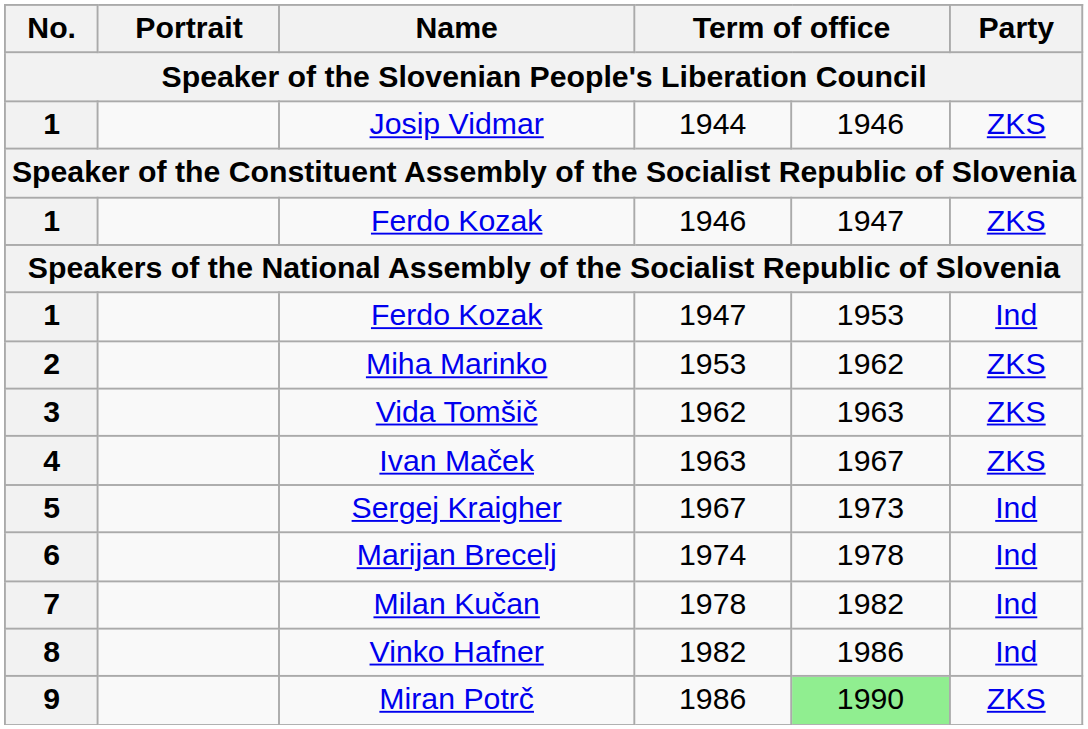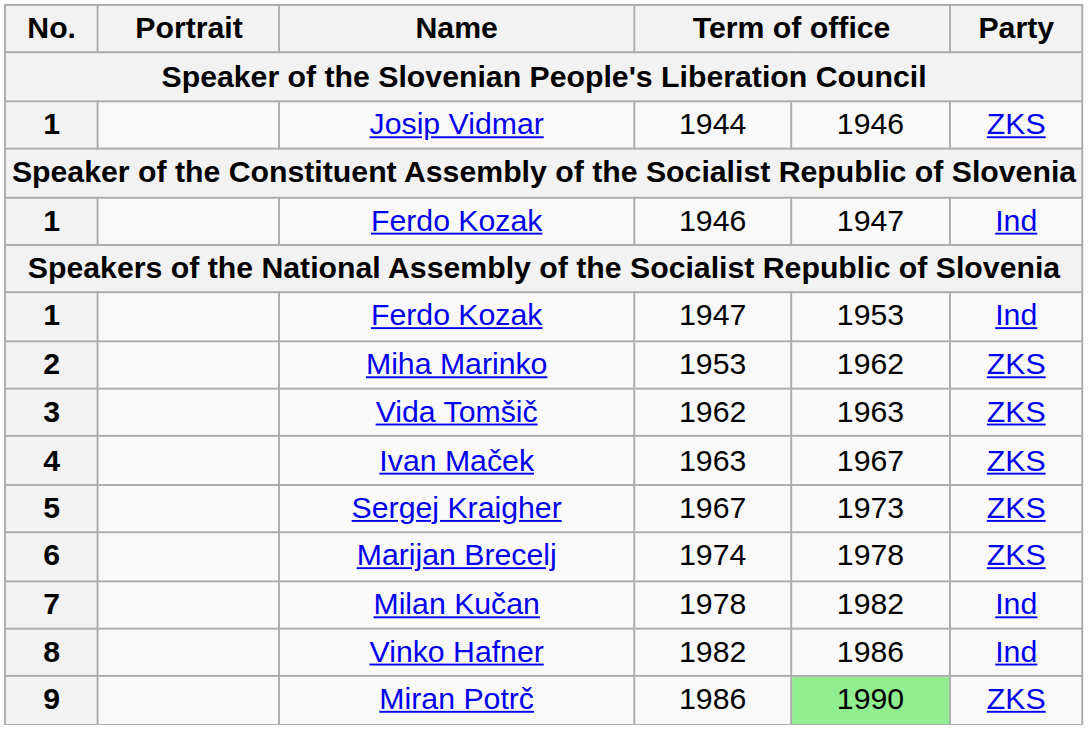 <table class="wikitable" style="text-align:center">
 <tr>
 <th>No.</th>
 <th>Portrait</th>
 <th width=180>Name</th>
 <th colspan=2>Term of office</th>
 <th>Party</th>
 </tr>
 <tr>
 <th colspan="6" bgcolor="lightgrey">Speaker of the Slovenian People's Liberation Council</th>
 </tr>
 <tr>
 <th style="background:">1</th>
 <td></td>
 <td><a href='#'>Josip Vidmar</a></td>
 <td>1944</td>
 <td>1946</td>
 <td><a href='#'>ZKS</a></td>
 </tr>
 <tr>
 <th colspan="6" bgcolor="#EEEEEE">Speaker of the Constituent Assembly of the Socialist Republic of Slovenia</th>
 </tr>
 <tr>
 <th style="background: ">1</th>
 <td></td>
 <td><a href='#'>Ferdo Kozak</a></td>
 <td>1946</td>
 <td>1947</td>
-<td><a href='#'>ZKS</a></td>
+<td><a href='#'>Ind</a></td>
 </tr>
 <tr>
 <th colspan="6" bgcolor="#EEEEEE">Speakers of the National Assembly of the Socialist Republic of Slovenia</th>
 </tr>
 <tr>
 <th style="background: ">1</th>
 <td></td>
 <td><a href='#'>Ferdo Kozak</a></td>
 <td>1947</td>
 <td>1953</td>
 <td><a href='#'>Ind</a></td>
 </tr>
 <tr>
 <th style="background:">2</th>
 <td></td>
 <td><a href='#'>Miha Marinko</a></td>
 <td>1953</td>
 <td>1962</td>
 <td><a href='#'>ZKS</a></td>
 </tr>
 <tr>
 <th style="background:">3</th>
 <td></td>
 <td><a href='#'>Vida Tomšič</a></td>
 <td>1962</td>
 <td>1963</td>
 <td><a href='#'>ZKS</a></td>
 </tr>
 <tr>
 <th style="background:">4</th>
 <td></td>
 <td><a href='#'>Ivan Maček</a></td>
 <td>1963</td>
 <td>1967</td>
 <td><a href='#'>ZKS</a></td>
 </tr>
 <tr>
 <th style="background:">5</th>
 <td></td>
 <td><a href='#'>Sergej Kraigher</a></td>
 <td>1967</td>
 <td>1973</td>
-<td><a href='#'>Ind</a></td>
+<td><a href='#'>ZKS</a></td>
 </tr>
 <tr>
 <th style="background:">6</th>
 <td></td>
 <td><a href='#'>Marijan Brecelj</a></td>
 <td>1974</td>
 <td>1978</td>
-<td><a href='#'>Ind</a></td>
+<td><a href='#'>ZKS</a></td>
 </tr>
 <tr>
 <th style="background:">7</th>
 <td></td>
 <td><a href='#'>Milan Kučan</a></td>
 <td>1978</td>
 <td>1982</td>
 <td><a href='#'>Ind</a></td>
 </tr>
 <tr>
 <th style="background:">8</th>
 <td></td>
 <td><a href='#'>Vinko Hafner</a></td>
 <td>1982</td>
 <td>1986</td>
 <td><a href='#'>Ind</a></td>
 </tr>
 <tr>
 <th style="background:">9</th>
 <td></td>
 <td><a href='#'>Miran Potrč</a></td>
 <td>1986</td>
 <td style="background: lightgreen;">1990</td>
 <td><a href='#'>ZKS</a></td>
 </tr>
 </table>
